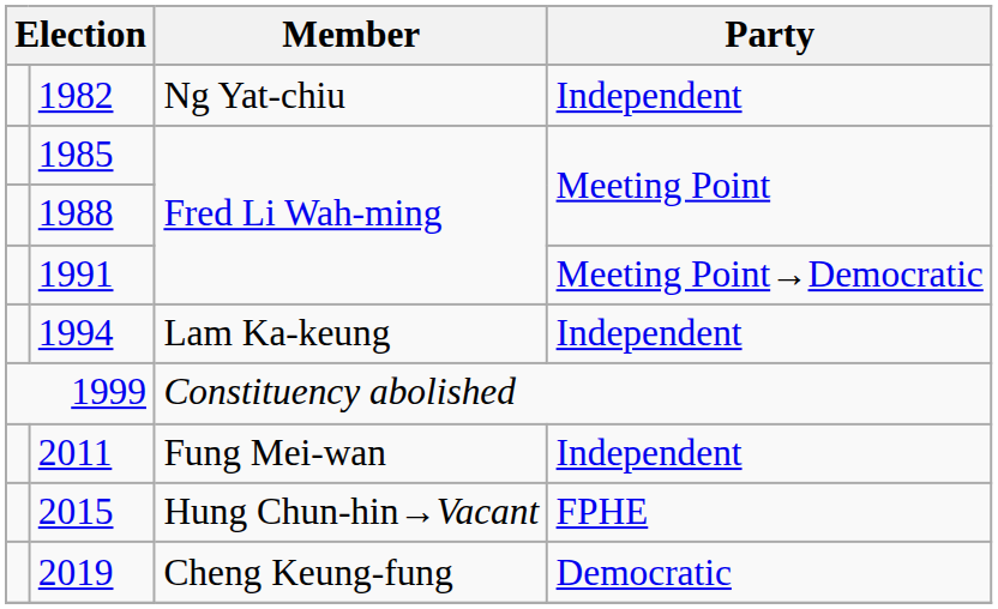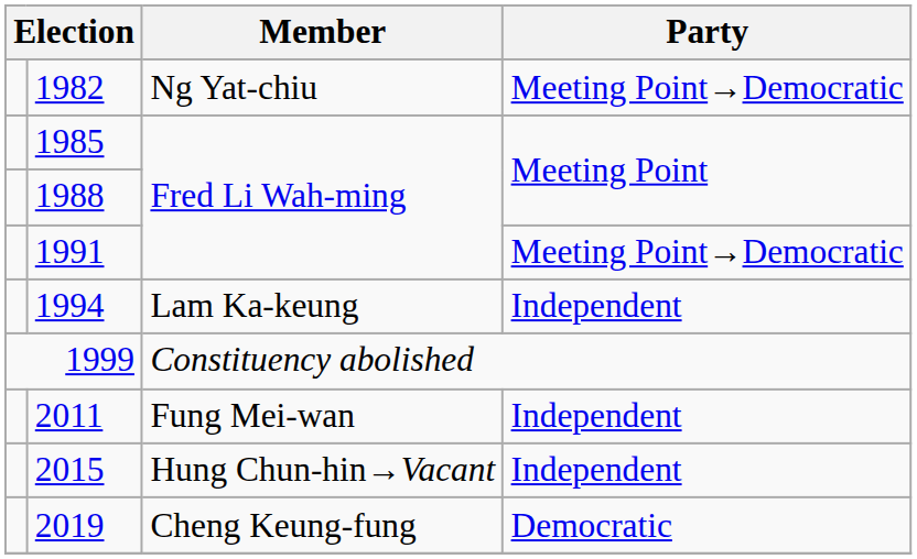 <table class="wikitable">
 <tr>
 <th colspan="2">Election</th>
 <th>Member</th>
 <th>Party</th>
 </tr>
 <tr>
 <td style="background-color: "></td>
 <td><a href='#'>1982</a></td>
 <td>Ng Yat-chiu</td>
-<td><a href='#'>Independent</a></td>
+<td><a href='#'>Meeting Point</a>→<a href='#'>Democratic</a></td>
 </tr>
 <tr>
 <td style="background-color: "></td>
 <td><a href='#'>1985</a></td>
 <td rowspan=3><a href='#'>Fred Li Wah-ming</a></td>
 <td rowspan=2><a href='#'>Meeting Point</a></td>
 </tr>
 <tr>
 <td style="background-color: "></td>
 <td><a href='#'>1988</a></td>
 </tr>
 <tr>
 <td style="background-color: "></td>
 <td><a href='#'>1991</a></td>
 <td><a href='#'>Meeting Point</a>→<a href='#'>Democratic</a></td>
 </tr>
 <tr>
 <td style="background-color: "></td>
 <td><a href='#'>1994</a></td>
 <td>Lam Ka-keung</td>
 <td><a href='#'>Independent</a></td>
 </tr>
 <tr>
 <td align=right colspan=2><a href='#'>1999</a></td>
 <td colspan=2><em>Constituency abolished</em></td>
 </tr>
 <tr>
 <td style="background-color: "></td>
 <td><a href='#'>2011</a></td>
 <td>Fung Mei-wan</td>
 <td><a href='#'>Independent</a></td>
 </tr>
 <tr>
 <td style="background-color: "></td>
 <td><a href='#'>2015</a></td>
 <td>Hung Chun-hin→<em>Vacant</em></td>
-<td><a href='#'>FPHE</a></td>
+<td><a href='#'>Independent</a></td>
 </tr>
 <tr>
 <td style="background-color: "></td>
 <td><a href='#'>2019</a></td>
 <td>Cheng Keung-fung</td>
 <td><a href='#'>Democratic</a></td>
 </tr>
 <tr>
 </tr>
 </table>
